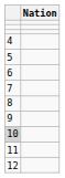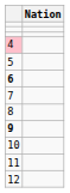 <table class="wikitable">
 <tr>
 <th></th>
 <th>Nation</th>
 </tr>
 <tr>
 <td></td>
 <td align="left"></td>
 </tr>
 <tr>
 <td></td>
 <td align="left"></td>
 </tr>
 <tr>
 <td></td>
 <td align="left"></td>
 </tr>
 <tr>
-<td>4</td>
+<td style="background: pink;">4</td>
 <td align="left"></td>
 </tr>
 <tr>
 <td>5</td>
 <td align="left"></td>
 </tr>
 <tr>
-<td>6</td>
+<td><strong>6</strong></td>
 <td align="left"></td>
 </tr>
 <tr>
 <td>7</td>
 <td align="left"></td>
 </tr>
 <tr>
 <td>8</td>
 <td align="left"></td>
 </tr>
 <tr>
-<td>9</td>
+<td><strong>9</strong></td>
 <td align="left"></td>
 </tr>
 <tr>
-<td style="background: lightgrey;">10</td>
+<td>10</td>
 <td align="left"></td>
 </tr>
 <tr>
 <td>11</td>
 <td align="left"></td>
 </tr>
 <tr>
 <td>12</td>
 <td align="left"></td>
 </tr>
 </table>
